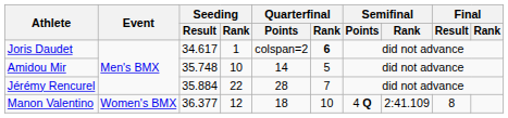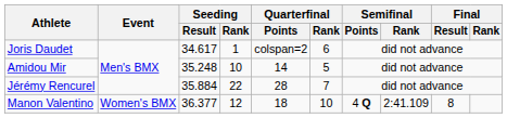 <table class="wikitable" style="font-size:90%;">
 <tr>
 <th rowspan=2>Athlete</th>
 <th rowspan=2>Event</th>
 <th colspan=2>Seeding</th>
 <th colspan=2>Quarterfinal</th>
 <th colspan=2>Semifinal</th>
 <th colspan=2>Final</th>
 </tr>
 <tr style="font-size:95%">
 <th>Result</th>
 <th>Rank</th>
 <th>Points</th>
 <th>Rank</th>
 <th>Points</th>
 <th>Rank</th>
 <th>Result</th>
 <th>Rank</th>
 </tr>
 <tr align=center>
 <td align=left><a href='#'>Joris Daudet</a></td>
 <td style="text-align:left;" rowspan="3"><a href='#'>Men's BMX</a></td>
 <td>34.617</td>
 <td>1</td>
 <td>colspan=2 </td>
-<td><strong>6</strong></td>
+<td>6</td>
 <td colspan=4>did not advance</td>
 </tr>
 <tr align=center>
 <td align=left><a href='#'>Amidou Mir</a></td>
-<td>35.748</td>
+<td>35.248</td>
 <td>10</td>
 <td>14</td>
 <td>5</td>
 <td colspan=4>did not advance</td>
 </tr>
 <tr align=center>
 <td align=left><a href='#'>Jérémy Rencurel</a></td>
 <td>35.884</td>
 <td>22</td>
 <td>28</td>
 <td>7</td>
 <td colspan=4>did not advance</td>
 </tr>
 <tr align=center>
 <td align=left><a href='#'>Manon Valentino</a></td>
 <td align=left><a href='#'>Women's BMX</a></td>
 <td>36.377</td>
 <td>12</td>
 <td>18</td>
 <td>10</td>
 <td>4 <strong>Q</strong></td>
 <td>2:41.109</td>
 <td>8</td>
 </tr>
 </table>
